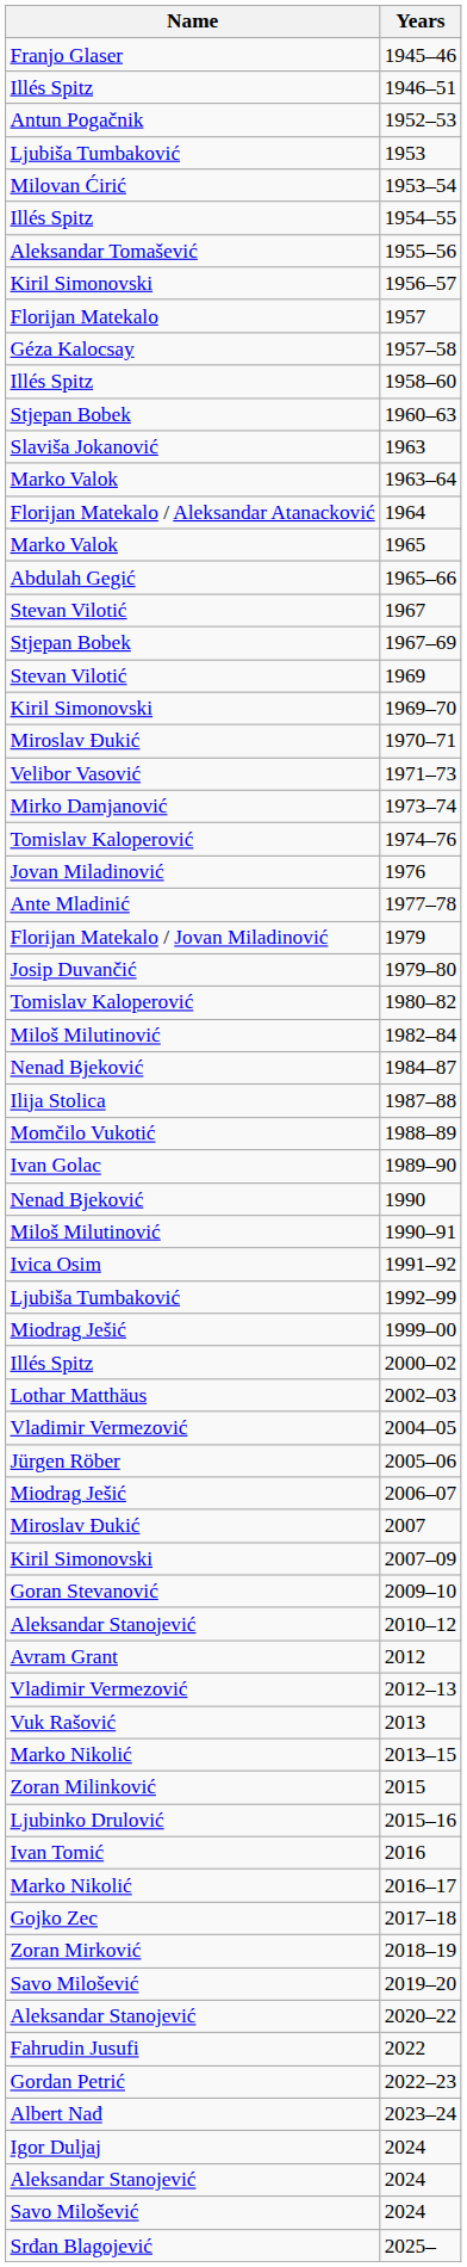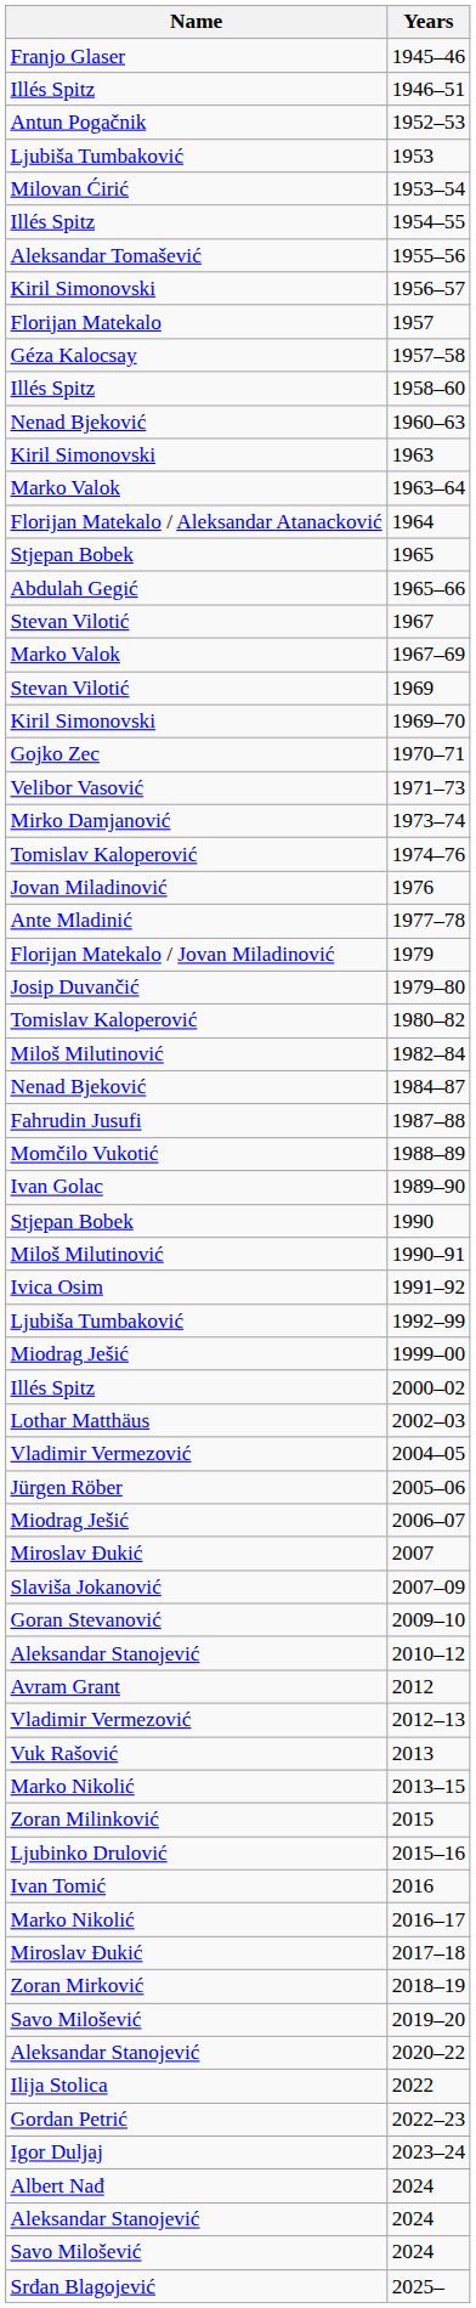 <table class="wikitable" style="text-align: center">
 <tr>
 <th>Name</th>
 <th>Years</th>
 </tr>
 <tr>
 <td align="left"><a href='#'>Franjo Glaser</a></td>
 <td align="left">1945–46</td>
 </tr>
 <tr>
 <td align="left"><a href='#'>Illés Spitz</a></td>
 <td align="left">1946–51</td>
 </tr>
 <tr>
 <td align="left"><a href='#'>Antun Pogačnik</a></td>
 <td align="left">1952–53</td>
 </tr>
 <tr>
 <td align="left"><a href='#'>Ljubiša Tumbaković</a></td>
 <td align="left">1953</td>
 </tr>
 <tr>
 <td align="left"><a href='#'>Milovan Ćirić</a></td>
 <td align="left">1953–54</td>
 </tr>
 <tr>
 <td align="left"><a href='#'>Illés Spitz</a></td>
 <td align="left">1954–55</td>
 </tr>
 <tr>
 <td align="left"><a href='#'>Aleksandar Tomašević</a></td>
 <td align="left">1955–56</td>
 </tr>
 <tr>
 <td align="left"><a href='#'>Kiril Simonovski</a></td>
 <td align="left">1956–57</td>
 </tr>
 <tr>
 <td align="left"><a href='#'>Florijan Matekalo</a></td>
 <td align="left">1957</td>
 </tr>
 <tr>
 <td align="left"><a href='#'>Géza Kalocsay</a></td>
 <td align="left">1957–58</td>
 </tr>
 <tr>
 <td align="left"><a href='#'>Illés Spitz</a></td>
 <td align="left">1958–60</td>
 </tr>
 <tr>
-<td align="left"><a href='#'>Stjepan Bobek</a></td>
+<td align="left"><a href='#'>Nenad Bjeković</a></td>
 <td align="left">1960–63</td>
 </tr>
 <tr>
-<td align="left"><a href='#'>Slaviša Jokanović</a></td>
+<td align="left"><a href='#'>Kiril Simonovski</a></td>
 <td align="left">1963</td>
 </tr>
 <tr>
 <td align="left"><a href='#'>Marko Valok</a></td>
 <td align="left">1963–64</td>
 </tr>
 <tr>
 <td align="left"><a href='#'>Florijan Matekalo</a> / <a href='#'>Aleksandar Atanacković</a></td>
 <td align="left">1964</td>
 </tr>
 <tr>
-<td align="left"><a href='#'>Marko Valok</a></td>
+<td align="left"><a href='#'>Stjepan Bobek</a></td>
 <td align="left">1965</td>
 </tr>
 <tr>
 <td align="left"><a href='#'>Abdulah Gegić</a></td>
 <td align="left">1965–66</td>
 </tr>
 <tr>
 <td align="left"><a href='#'>Stevan Vilotić</a></td>
 <td align="left">1967</td>
 </tr>
 <tr>
-<td align="left"><a href='#'>Stjepan Bobek</a></td>
+<td align="left"><a href='#'>Marko Valok</a></td>
 <td align="left">1967–69</td>
 </tr>
 <tr>
 <td align="left"><a href='#'>Stevan Vilotić</a></td>
 <td align="left">1969</td>
 </tr>
 <tr>
 <td align="left"><a href='#'>Kiril Simonovski</a></td>
 <td align="left">1969–70</td>
 </tr>
 <tr>
-<td align="left"><a href='#'>Miroslav Đukić</a></td>
+<td align="left"><a href='#'>Gojko Zec</a></td>
 <td align="left">1970–71</td>
 </tr>
 <tr>
 <td align="left"><a href='#'>Velibor Vasović</a></td>
 <td align="left">1971–73</td>
 </tr>
 <tr>
 <td align="left"><a href='#'>Mirko Damjanović</a></td>
 <td align="left">1973–74</td>
 </tr>
 <tr>
 <td align="left"><a href='#'>Tomislav Kaloperović</a></td>
 <td align="left">1974–76</td>
 </tr>
 <tr>
 <td align="left"><a href='#'>Jovan Miladinović</a></td>
 <td align="left">1976</td>
 </tr>
 <tr>
 <td align="left"><a href='#'>Ante Mladinić</a></td>
 <td align="left">1977–78</td>
 </tr>
 <tr>
 <td align="left"><a href='#'>Florijan Matekalo</a> / <a href='#'>Jovan Miladinović</a></td>
 <td align="left">1979</td>
 </tr>
 <tr>
 <td align="left"><a href='#'>Josip Duvančić</a></td>
 <td align="left">1979–80</td>
 </tr>
 <tr>
 <td align="left"><a href='#'>Tomislav Kaloperović</a></td>
 <td align="left">1980–82</td>
 </tr>
 <tr>
 <td align="left"><a href='#'>Miloš Milutinović</a></td>
 <td align="left">1982–84</td>
 </tr>
 <tr>
 <td align="left"><a href='#'>Nenad Bjeković</a></td>
 <td align="left">1984–87</td>
 </tr>
 <tr>
-<td align="left"><a href='#'>Ilija Stolica</a></td>
+<td align="left"><a href='#'>Fahrudin Jusufi</a></td>
 <td align="left">1987–88</td>
 </tr>
 <tr>
 <td align="left"><a href='#'>Momčilo Vukotić</a></td>
 <td align="left">1988–89</td>
 </tr>
 <tr>
 <td align="left"><a href='#'>Ivan Golac</a></td>
 <td align="left">1989–90</td>
 </tr>
 <tr>
-<td align="left"><a href='#'>Nenad Bjeković</a></td>
+<td align="left"><a href='#'>Stjepan Bobek</a></td>
 <td align="left">1990</td>
 </tr>
 <tr>
 <td align="left"><a href='#'>Miloš Milutinović</a></td>
 <td align="left">1990–91</td>
 </tr>
 <tr>
 <td align="left"><a href='#'>Ivica Osim</a></td>
 <td align="left">1991–92</td>
 </tr>
 <tr>
 <td align="left"><a href='#'>Ljubiša Tumbaković</a></td>
 <td align="left">1992–99</td>
 </tr>
 <tr>
 <td align="left"><a href='#'>Miodrag Ješić</a></td>
 <td align="left">1999–00</td>
 </tr>
 <tr>
 <td align="left"><a href='#'>Illés Spitz</a></td>
 <td align="left">2000–02</td>
 </tr>
 <tr>
 <td align="left"><a href='#'>Lothar Matthäus</a></td>
 <td align="left">2002–03</td>
 </tr>
 <tr>
 <td align="left"><a href='#'>Vladimir Vermezović</a></td>
 <td align="left">2004–05</td>
 </tr>
 <tr>
 <td align="left"><a href='#'>Jürgen Röber</a></td>
 <td align="left">2005–06</td>
 </tr>
 <tr>
 <td align="left"><a href='#'>Miodrag Ješić</a></td>
 <td align="left">2006–07</td>
 </tr>
 <tr>
 <td align="left"><a href='#'>Miroslav Đukić</a></td>
 <td align="left">2007</td>
 </tr>
 <tr>
-<td align="left"><a href='#'>Kiril Simonovski</a></td>
+<td align="left"><a href='#'>Slaviša Jokanović</a></td>
 <td align="left">2007–09</td>
 </tr>
 <tr>
 <td align="left"><a href='#'>Goran Stevanović</a></td>
 <td align="left">2009–10</td>
 </tr>
 <tr>
 <td align="left"><a href='#'>Aleksandar Stanojević</a></td>
 <td align="left">2010–12</td>
 </tr>
 <tr>
 <td align="left"><a href='#'>Avram Grant</a></td>
 <td align="left">2012</td>
 </tr>
 <tr>
 <td align="left"><a href='#'>Vladimir Vermezović</a></td>
 <td align="left">2012–13</td>
 </tr>
 <tr>
 <td align="left"><a href='#'>Vuk Rašović</a></td>
 <td align="left">2013</td>
 </tr>
 <tr>
 <td align="left"><a href='#'>Marko Nikolić</a></td>
 <td align="left">2013–15</td>
 </tr>
 <tr>
 <td align="left"><a href='#'>Zoran Milinković</a></td>
 <td align="left">2015</td>
 </tr>
 <tr>
 <td align="left"><a href='#'>Ljubinko Drulović</a></td>
 <td align="left">2015–16</td>
 </tr>
 <tr>
 <td align="left"><a href='#'>Ivan Tomić</a></td>
 <td align="left">2016</td>
 </tr>
 <tr>
 <td align="left"><a href='#'>Marko Nikolić</a></td>
 <td align="left">2016–17</td>
 </tr>
 <tr>
-<td align="left"><a href='#'>Gojko Zec</a></td>
+<td align="left"><a href='#'>Miroslav Đukić</a></td>
 <td align="left">2017–18</td>
 </tr>
 <tr>
 <td align="left"><a href='#'>Zoran Mirković</a></td>
 <td align="left">2018–19</td>
 </tr>
 <tr>
 <td align="left"><a href='#'>Savo Milošević</a></td>
 <td align="left">2019–20</td>
 </tr>
 <tr>
 <td align="left"><a href='#'>Aleksandar Stanojević</a></td>
 <td align="left">2020–22</td>
 </tr>
 <tr>
-<td align="left"><a href='#'>Fahrudin Jusufi</a></td>
+<td align="left"><a href='#'>Ilija Stolica</a></td>
 <td align="left">2022</td>
 </tr>
 <tr>
 <td align="left"><a href='#'>Gordan Petrić</a></td>
 <td align="left">2022–23</td>
 </tr>
 <tr>
-<td align="left"><a href='#'>Albert Nađ</a></td>
+<td align="left"><a href='#'>Igor Duljaj</a></td>
 <td align="left">2023–24</td>
 </tr>
 <tr>
-<td align="left"><a href='#'>Igor Duljaj</a></td>
+<td align="left"><a href='#'>Albert Nađ</a></td>
 <td align="left">2024</td>
 </tr>
 <tr>
 <td align="left"><a href='#'>Aleksandar Stanojević</a></td>
 <td align="left">2024</td>
 </tr>
 <tr>
 <td align="left"><a href='#'>Savo Milošević</a></td>
 <td align="left">2024</td>
 </tr>
 <tr>
 <td align="left"><a href='#'>Srđan Blagojević</a></td>
 <td align="left">2025–</td>
 </tr>
 </table>
